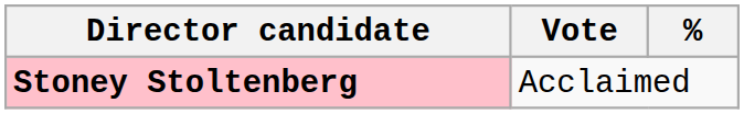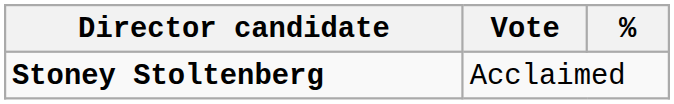 <table class="wikitable">
 <tr>
 <th width="200px">Director candidate</th>
 <th width="50px">Vote</th>
 <th width="30px">%</th>
 </tr>
 <tr>
-<td style="background: pink;"><strong>Stoney Stoltenberg</strong> </td>
+<td><strong>Stoney Stoltenberg</strong> </td>
 <td colspan="2">Acclaimed</td>
 </tr>
 </table>
